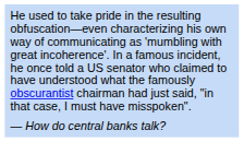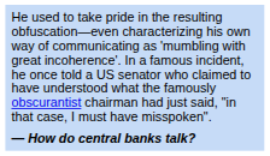 <table class="toccolours" style="float: right; margin-left: 0.5em; margin-right: 1em; font-size: 85%; background:#c6dbf7; color:black; width:20em; max-width: 25%;" cellspacing="5">
 <tr>
 <td style="text-align: left;">He used to take pride in the resulting obfuscation—even characterizing his own way of communicating as 'mumbling with great incoherence'. In a famous incident, he once told a US senator who claimed to have understood what the famously <a href='#'>obscurantist</a> chairman had just said, "in that case, I must have misspoken".</td>
 </tr>
 <tr>
-<td style="text-align: left;">— <em>How do central banks talk?</em></td>
+<td style="text-align: left;"><strong>— <em>How do central banks talk?</em></strong></td>
 </tr>
 </table>
